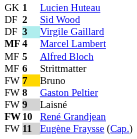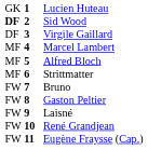 <table style="font-size:90%; margin:0.2em auto;" cellspacing="0" cellpadding="0">
 <tr>
 <th width="25"></th>
 <th width="25"></th>
 </tr>
 <tr>
 <td>GK</td>
 <td><strong>1</strong></td>
 <td> <a href='#'>Lucien Huteau</a></td>
 </tr>
 <tr>
-<td>DF</td>
+<td><strong>DF</strong></td>
 <td><strong>2</strong></td>
 <td> <a href='#'>Sid Wood</a></td>
 </tr>
 <tr>
 <td>DF</td>
-<td style="background: paleturquoise;"><strong>3</strong></td>
+<td><strong>3</strong></td>
 <td> <a href='#'>Virgile Gaillard</a></td>
 </tr>
 <tr>
-<td><strong>MF</strong></td>
+<td>MF</td>
 <td><strong>4</strong></td>
 <td> <a href='#'>Marcel Lambert</a></td>
 </tr>
 <tr>
 <td>MF</td>
 <td><strong>5</strong></td>
 <td> <a href='#'>Alfred Bloch</a></td>
 </tr>
 <tr>
 <td>MF</td>
 <td><strong>6</strong></td>
 <td> Strittmatter</td>
 </tr>
 <tr>
 <td>FW</td>
-<td style="background: gold;"><strong>7</strong></td>
+<td><strong>7</strong></td>
 <td> Bruno</td>
 </tr>
 <tr>
 <td>FW</td>
 <td><strong>8</strong></td>
 <td> <a href='#'>Gaston Peltier</a></td>
 </tr>
 <tr>
 <td>FW</td>
-<td style="background: lightgrey;"><strong>9</strong></td>
+<td><strong>9</strong></td>
 <td> Laisné</td>
 </tr>
 <tr>
-<td><strong>FW</strong></td>
+<td>FW</td>
 <td><strong>10</strong></td>
 <td> <a href='#'>René Grandjean</a></td>
 </tr>
 <tr>
 <td>FW</td>
-<td style="background: lightgrey;"><strong>11</strong></td>
+<td><strong>11</strong></td>
 <td> <a href='#'>Eugène Fraysse</a> (<a href='#'>Cap.</a>)</td>
 </tr>
 <tr>
 </tr>
 </table>
